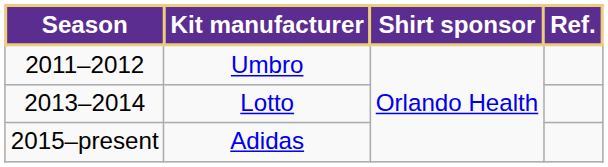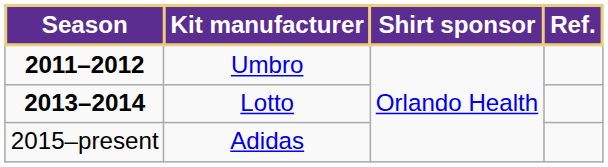 <table class="wikitable" style="text-align: center; float:right; margin:0 0 0 1em;">
 <tr>
 <th style="background:#5C2D91; color:#FFFFFF; border:2px solid #EBCD7D;">Season</th>
 <th style="background:#5C2D91; color:#FFFFFF; border:2px solid #EBCD7D;">Kit manufacturer</th>
 <th style="background:#5C2D91; color:#FFFFFF; border:2px solid #EBCD7D;">Shirt sponsor</th>
 <th style="background:#5C2D91; color:#FFFFFF; border:2px solid #EBCD7D;">Ref.</th>
 </tr>
 <tr>
-<td>2011–2012</td>
+<td><strong>2011–2012</strong></td>
 <td><a href='#'>Umbro</a></td>
 <td rowspan = 3><a href='#'>Orlando Health</a></td>
 <td></td>
 </tr>
 <tr>
-<td>2013–2014</td>
+<td><strong>2013–2014</strong></td>
 <td><a href='#'>Lotto</a></td>
 <td></td>
 </tr>
 <tr>
 <td>2015–present</td>
 <td><a href='#'>Adidas</a></td>
 <td></td>
 </tr>
 </table>
